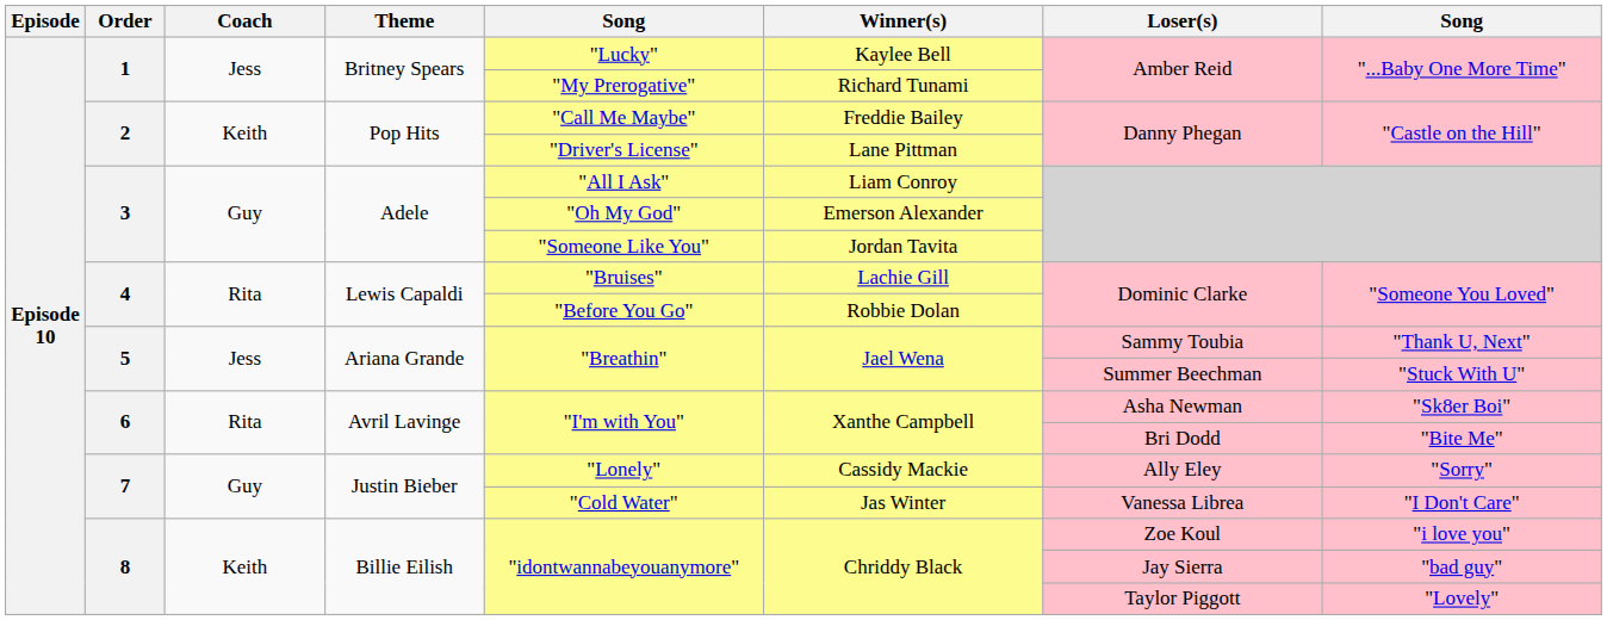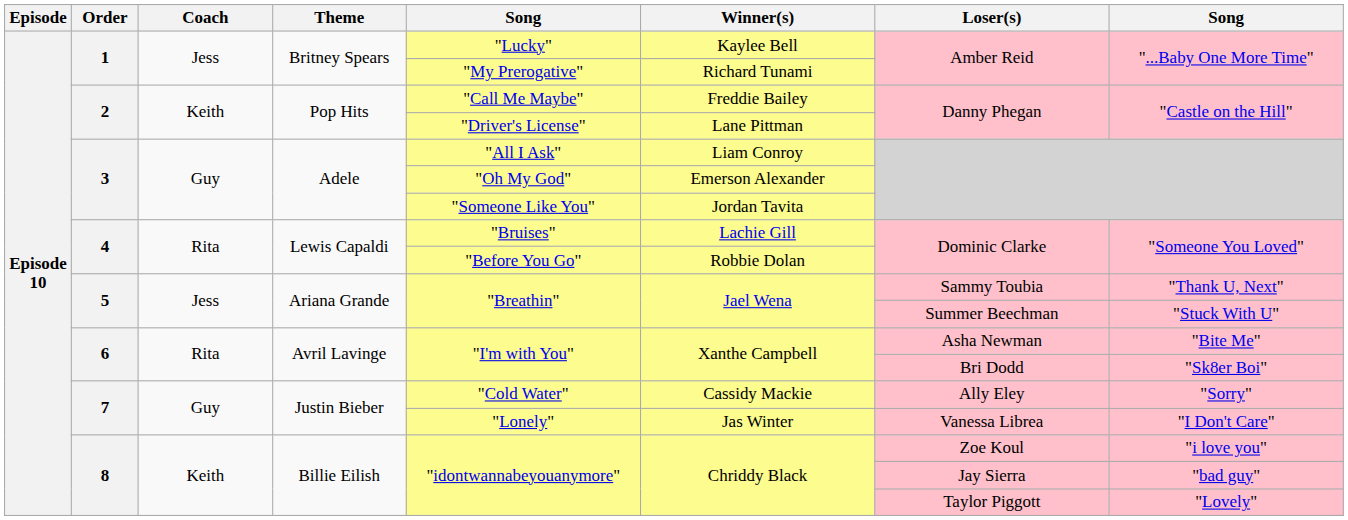 <table class="wikitable" style="text-align: center; width: 100%">
 <tr>
 <th style="width:05%">Episode</th>
 <th style="width:05%">Order</th>
 <th style="width:10%">Coach</th>
 <th style="width:10%">Theme</th>
 <th style="width:17.5%">Song</th>
 <th style="width:17.5%">Winner(s)</th>
 <th style="width:17.5%">Loser(s)</th>
 <th style="width:17.5%">Song</th>
 </tr>
 <tr>
 <th scope="row" rowspan="18">Episode 10<br></th>
 <th rowspan="2">1</th>
 <td rowspan="2">Jess</td>
 <td rowspan="2">Britney Spears</td>
 <td bgcolor="#fdfc8f">"<a href='#'>Lucky</a>"</td>
 <td bgcolor="#fdfc8f">Kaylee Bell</td>
 <td rowspan="2" bgcolor="pink">Amber Reid</td>
 <td rowspan="2" bgcolor="pink">"<a href='#'>...Baby One More Time</a>"</td>
 </tr>
 <tr>
 <td bgcolor="#fdfc8f">"<a href='#'>My Prerogative</a>"</td>
 <td bgcolor="#fdfc8f">Richard Tunami</td>
 </tr>
 <tr>
 <th rowspan="2">2</th>
 <td rowspan="2">Keith</td>
 <td rowspan="2">Pop Hits</td>
 <td bgcolor="#fdfc8f">"<a href='#'>Call Me Maybe</a>"</td>
 <td bgcolor="#fdfc8f">Freddie Bailey</td>
 <td rowspan="2" bgcolor="pink">Danny Phegan</td>
 <td rowspan="2" bgcolor="pink">"<a href='#'>Castle on the Hill</a>"</td>
 </tr>
 <tr>
 <td bgcolor="#fdfc8f">"<a href='#'>Driver's License</a>"</td>
 <td bgcolor="#fdfc8f">Lane Pittman</td>
 </tr>
 <tr>
 <th rowspan="3">3</th>
 <td rowspan="3">Guy</td>
 <td rowspan="3">Adele</td>
 <td bgcolor="#fdfc8f">"<a href='#'>All I Ask</a>"</td>
 <td bgcolor="#fdfc8f">Liam Conroy</td>
 <td rowspan="3" colspan="2" bgcolor="lightgrey"></td>
 </tr>
 <tr>
 <td bgcolor="#fdfc8f">"<a href='#'>Oh My God</a>"</td>
 <td bgcolor="#fdfc8f">Emerson Alexander</td>
 </tr>
 <tr>
 <td bgcolor="#fdfc8f">"<a href='#'>Someone Like You</a>"</td>
 <td bgcolor="#fdfc8f">Jordan Tavita</td>
 </tr>
 <tr>
 <th rowspan="2">4</th>
 <td rowspan="2">Rita</td>
 <td rowspan="2">Lewis Capaldi</td>
 <td bgcolor="#fdfc8f">"<a href='#'>Bruises</a>"</td>
 <td bgcolor="#fdfc8f"><a href='#'>Lachie Gill</a></td>
 <td rowspan="2" bgcolor="pink">Dominic Clarke</td>
 <td rowspan="2" bgcolor="pink">"<a href='#'>Someone You Loved</a>"</td>
 </tr>
 <tr>
 <td bgcolor="#fdfc8f">"<a href='#'>Before You Go</a>"</td>
 <td bgcolor="#fdfc8f">Robbie Dolan</td>
 </tr>
 <tr>
 <th rowspan="2">5</th>
 <td rowspan="2">Jess</td>
 <td rowspan="2">Ariana Grande</td>
 <td rowspan="2" bgcolor="#fdfc8f">"<a href='#'>Breathin</a>"</td>
 <td rowspan="2" bgcolor="#fdfc8f"><a href='#'>Jael Wena</a></td>
 <td bgcolor="pink">Sammy Toubia</td>
 <td bgcolor="pink">"<a href='#'>Thank U, Next</a>"</td>
 </tr>
 <tr>
 <td bgcolor="pink">Summer Beechman</td>
 <td bgcolor="pink">"<a href='#'>Stuck With U</a>"</td>
 </tr>
 <tr>
 <th rowspan="2">6</th>
 <td rowspan="2">Rita</td>
 <td rowspan="2">Avril Lavinge</td>
 <td rowspan="2" bgcolor="#fdfc8f">"<a href='#'>I'm with You</a>"</td>
 <td rowspan="2" bgcolor="#fdfc8f">Xanthe Campbell</td>
 <td bgcolor="pink">Asha Newman</td>
-<td bgcolor="pink">"<a href='#'>Sk8er Boi</a>"</td>
+<td bgcolor="pink">"<a href='#'>Bite Me</a>"</td>
 </tr>
 <tr>
 <td bgcolor="pink">Bri Dodd</td>
-<td bgcolor="pink">"<a href='#'>Bite Me</a>"</td>
+<td bgcolor="pink">"<a href='#'>Sk8er Boi</a>"</td>
 </tr>
 <tr>
 <th rowspan="2">7</th>
 <td rowspan="2">Guy</td>
 <td rowspan="2">Justin Bieber</td>
-<td bgcolor="#fdfc8f">"<a href='#'>Lonely</a>"</td>
+<td bgcolor="#fdfc8f">"<a href='#'>Cold Water</a>"</td>
 <td bgcolor="#fdfc8f">Cassidy Mackie</td>
 <td bgcolor="pink">Ally Eley</td>
 <td bgcolor="pink">"<a href='#'>Sorry</a>"</td>
 </tr>
 <tr>
-<td bgcolor="#fdfc8f">"<a href='#'>Cold Water</a>"</td>
+<td bgcolor="#fdfc8f">"<a href='#'>Lonely</a>"</td>
 <td bgcolor="#fdfc8f">Jas Winter</td>
 <td bgcolor="pink">Vanessa Librea</td>
 <td bgcolor="pink">"<a href='#'>I Don't Care</a>"</td>
 </tr>
 <tr>
 <th rowspan="3">8</th>
 <td rowspan="3">Keith</td>
 <td rowspan="3">Billie Eilish</td>
 <td rowspan="3" bgcolor="#fdfc8f">"<a href='#'>idontwannabeyouanymore</a>"</td>
 <td rowspan="3" bgcolor="#fdfc8f">Chriddy Black</td>
 <td bgcolor="pink">Zoe Koul</td>
 <td bgcolor="pink">"<a href='#'>i love you</a>"</td>
 </tr>
 <tr>
 <td bgcolor="pink">Jay Sierra</td>
 <td bgcolor="pink">"<a href='#'>bad guy</a>"</td>
 </tr>
 <tr>
 <td bgcolor="pink">Taylor Piggott</td>
 <td bgcolor="pink">"<a href='#'>Lovely</a>"</td>
 </tr>
 </table>
